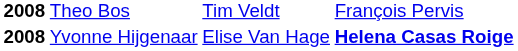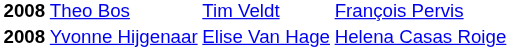 <table>
 <tr>
 <th>2008</th>
 <td> <a href='#'>Theo Bos</a></td>
 <td> <a href='#'>Tim Veldt</a></td>
 <td> <a href='#'>François Pervis</a></td>
 </tr>
 <tr>
 <th>2008</th>
 <td> <a href='#'>Yvonne Hijgenaar</a></td>
 <td> <a href='#'>Elise Van Hage</a></td>
-<td><strong> <a href='#'>Helena Casas Roige</a></strong></td>
+<td> <a href='#'>Helena Casas Roige</a></td>
 </tr>
 </table>
